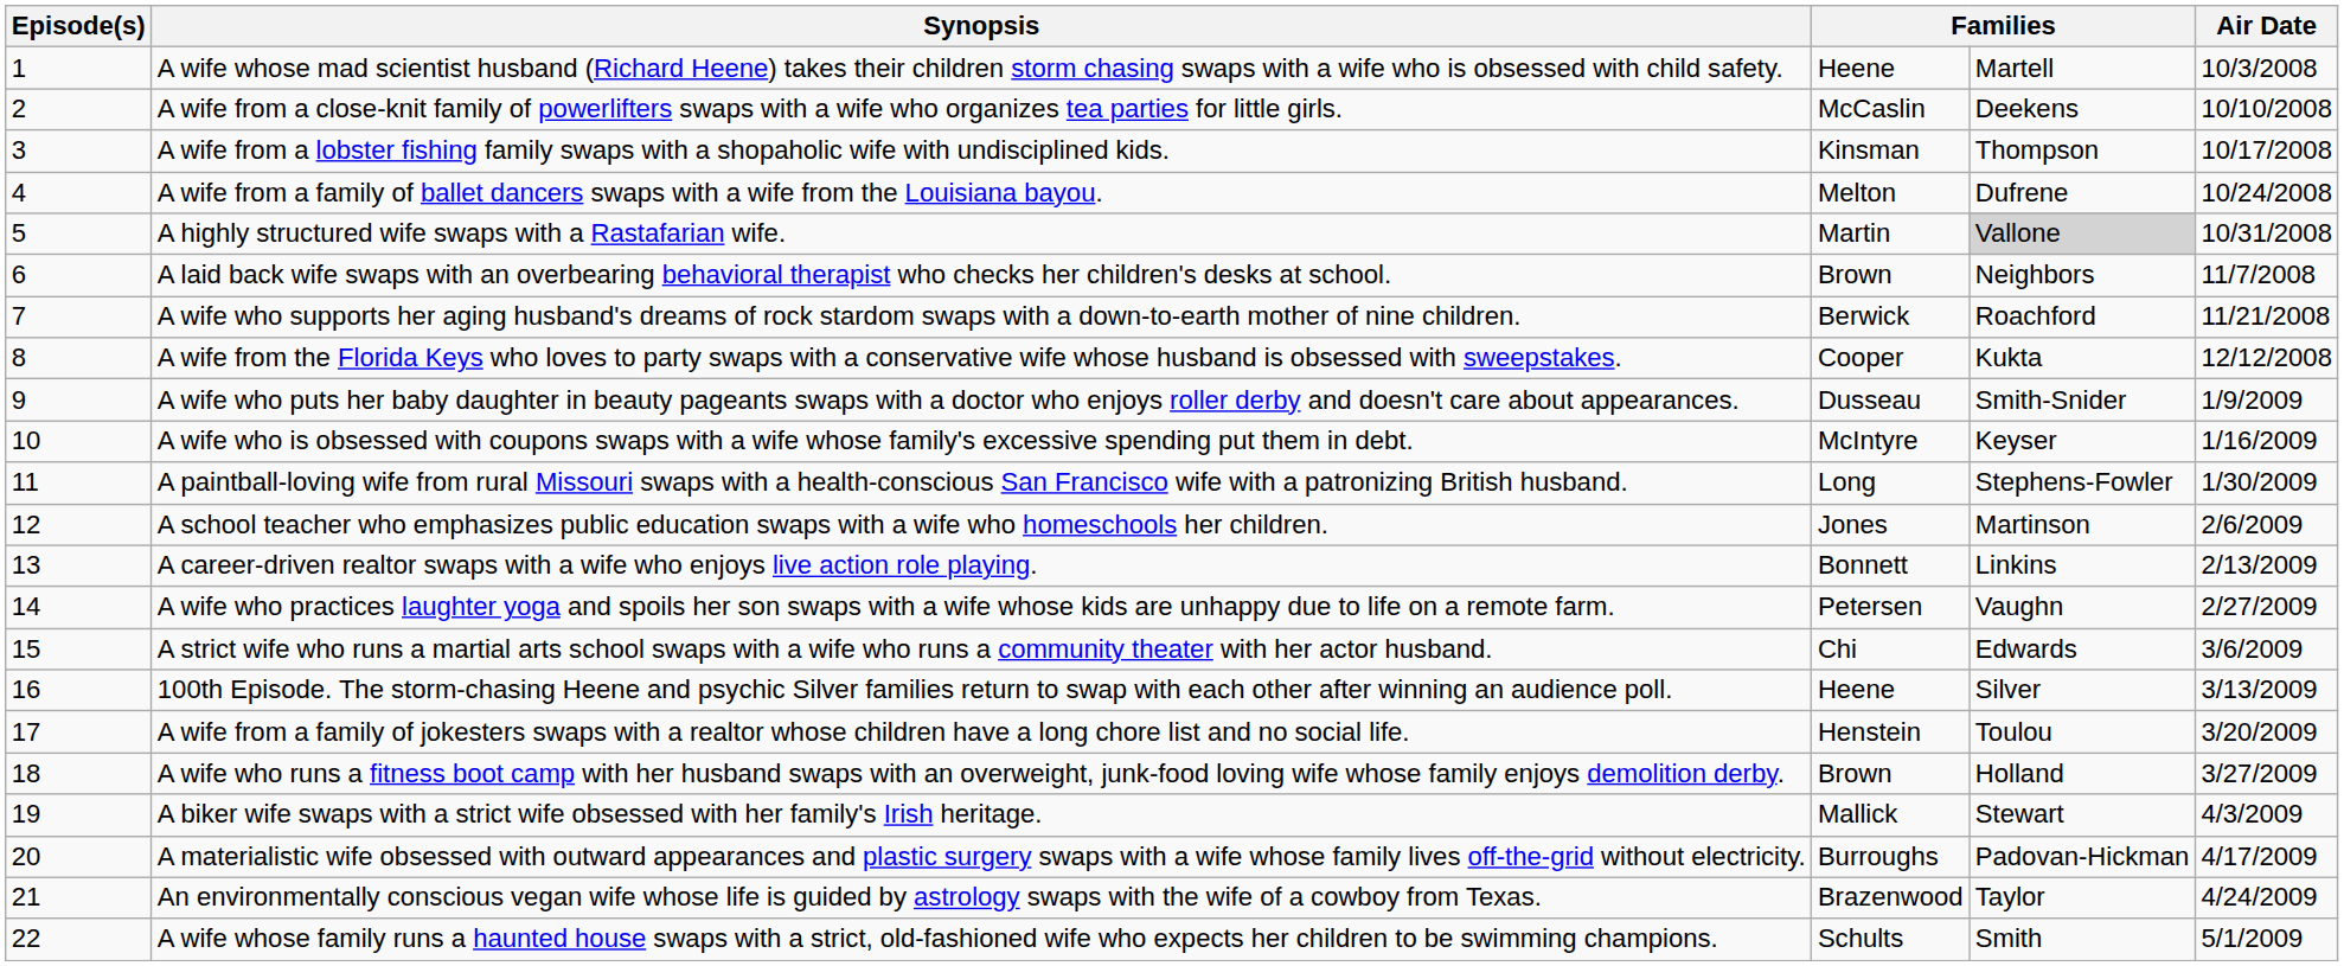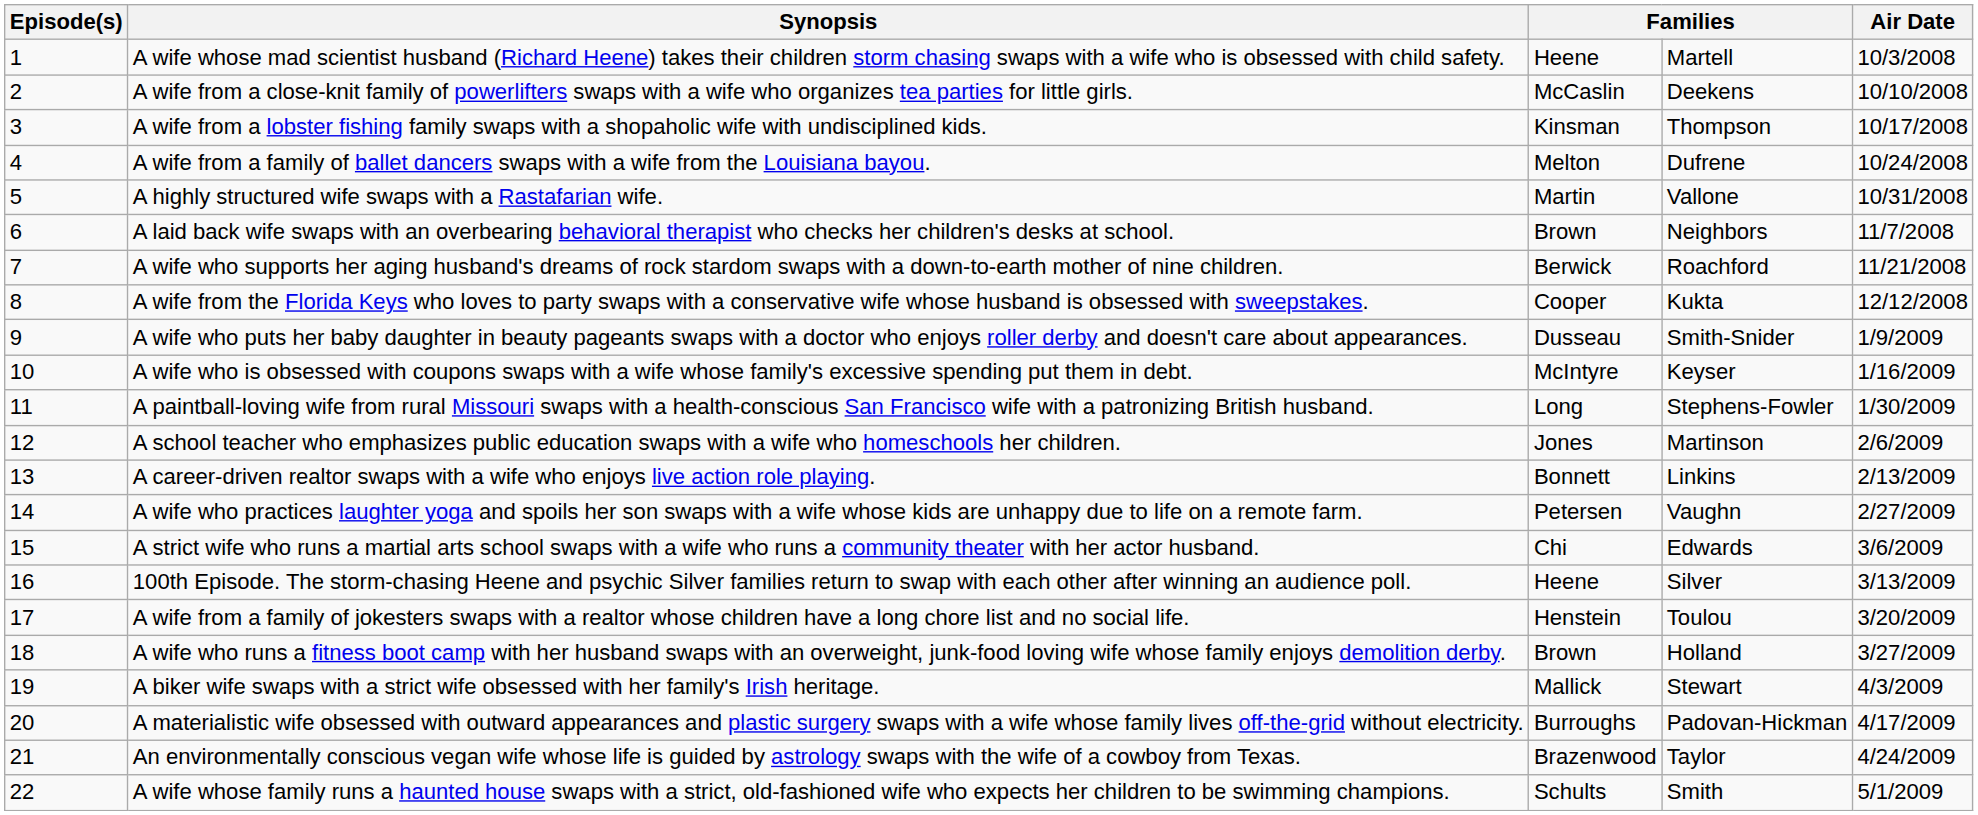 <table class="wikitable">
 <tr>
 <th>Episode(s)</th>
 <th>Synopsis</th>
 <th colspan="2">Families</th>
 <th>Air Date</th>
 </tr>
 <tr>
 <td>1</td>
 <td>A wife whose mad scientist husband (<a href='#'>Richard Heene</a>) takes their children <a href='#'>storm chasing</a> swaps with a wife who is obsessed with child safety.</td>
 <td>Heene</td>
 <td>Martell</td>
 <td>10/3/2008</td>
 </tr>
 <tr>
 <td>2</td>
 <td>A wife from a close-knit family of <a href='#'>powerlifters</a> swaps with a wife who organizes <a href='#'>tea parties</a> for little girls.</td>
 <td>McCaslin</td>
 <td>Deekens</td>
 <td>10/10/2008</td>
 </tr>
 <tr>
 <td>3</td>
 <td>A wife from a <a href='#'>lobster fishing</a> family swaps with a shopaholic wife with undisciplined kids.</td>
 <td>Kinsman</td>
 <td>Thompson</td>
 <td>10/17/2008</td>
 </tr>
 <tr>
 <td>4</td>
 <td>A wife from a family of <a href='#'>ballet dancers</a> swaps with a wife from the <a href='#'>Louisiana bayou</a>.</td>
 <td>Melton</td>
 <td>Dufrene</td>
 <td>10/24/2008</td>
 </tr>
 <tr>
 <td>5</td>
 <td>A highly structured wife swaps with a <a href='#'>Rastafarian</a> wife.</td>
 <td>Martin</td>
-<td style="background: lightgrey;">Vallone</td>
+<td>Vallone</td>
 <td>10/31/2008</td>
 </tr>
 <tr>
 <td>6</td>
 <td>A laid back wife swaps with an overbearing <a href='#'>behavioral therapist</a> who checks her children's desks at school.</td>
 <td>Brown</td>
 <td>Neighbors</td>
 <td>11/7/2008</td>
 </tr>
 <tr>
 <td>7</td>
 <td>A wife who supports her aging husband's dreams of rock stardom swaps with a down-to-earth mother of nine children.</td>
 <td>Berwick</td>
 <td>Roachford</td>
 <td>11/21/2008</td>
 </tr>
 <tr>
 <td>8</td>
 <td>A wife from the <a href='#'>Florida Keys</a> who loves to party swaps with a conservative wife whose husband is obsessed with <a href='#'>sweepstakes</a>.</td>
 <td>Cooper</td>
 <td>Kukta</td>
 <td>12/12/2008</td>
 </tr>
 <tr>
 <td>9</td>
 <td>A wife who puts her baby daughter in beauty pageants swaps with a doctor who enjoys <a href='#'>roller derby</a> and doesn't care about appearances.</td>
 <td>Dusseau</td>
 <td>Smith-Snider</td>
 <td>1/9/2009</td>
 </tr>
 <tr>
 <td>10</td>
 <td>A wife who is obsessed with coupons swaps with a wife whose family's excessive spending put them in debt.</td>
 <td>McIntyre</td>
 <td>Keyser</td>
 <td>1/16/2009</td>
 </tr>
 <tr>
 <td>11</td>
 <td>A paintball-loving wife from rural <a href='#'>Missouri</a> swaps with a health-conscious <a href='#'>San Francisco</a> wife with a patronizing British husband.</td>
 <td>Long</td>
 <td>Stephens-Fowler</td>
 <td>1/30/2009</td>
 </tr>
 <tr>
 <td>12</td>
 <td>A school teacher who emphasizes public education swaps with a wife who <a href='#'>homeschools</a> her children.</td>
 <td>Jones</td>
 <td>Martinson</td>
 <td>2/6/2009</td>
 </tr>
 <tr>
 <td>13</td>
 <td>A career-driven realtor swaps with a wife who enjoys <a href='#'>live action role playing</a>.</td>
 <td>Bonnett</td>
 <td>Linkins</td>
 <td>2/13/2009</td>
 </tr>
 <tr>
 <td>14</td>
 <td>A wife who practices <a href='#'>laughter yoga</a> and spoils her son swaps with a wife whose kids are unhappy due to life on a remote farm.</td>
 <td>Petersen</td>
 <td>Vaughn</td>
 <td>2/27/2009</td>
 </tr>
 <tr>
 <td>15</td>
 <td>A strict wife who runs a martial arts school swaps with a wife who runs a <a href='#'>community theater</a> with her actor husband.</td>
 <td>Chi</td>
 <td>Edwards</td>
 <td>3/6/2009</td>
 </tr>
 <tr>
 <td>16</td>
 <td>100th Episode. The storm-chasing Heene and psychic Silver families return to swap with each other after winning an audience poll.</td>
 <td>Heene</td>
 <td>Silver</td>
 <td>3/13/2009</td>
 </tr>
 <tr>
 <td>17</td>
 <td>A wife from a family of jokesters swaps with a realtor whose children have a long chore list and no social life.</td>
 <td>Henstein</td>
 <td>Toulou</td>
 <td>3/20/2009</td>
 </tr>
 <tr>
 <td>18</td>
 <td>A wife who runs a <a href='#'>fitness boot camp</a> with her husband swaps with an overweight, junk-food loving wife whose family enjoys <a href='#'>demolition derby</a>.</td>
 <td>Brown</td>
 <td>Holland</td>
 <td>3/27/2009</td>
 </tr>
 <tr>
 <td>19</td>
 <td>A biker wife swaps with a strict wife obsessed with her family's <a href='#'>Irish</a> heritage.</td>
 <td>Mallick</td>
 <td>Stewart</td>
 <td>4/3/2009</td>
 </tr>
 <tr>
 <td>20</td>
 <td>A materialistic wife obsessed with outward appearances and <a href='#'>plastic surgery</a> swaps with a wife whose family lives <a href='#'>off-the-grid</a> without electricity.</td>
 <td>Burroughs</td>
 <td>Padovan-Hickman</td>
 <td>4/17/2009</td>
 </tr>
 <tr>
 <td>21</td>
 <td>An environmentally conscious vegan wife whose life is guided by <a href='#'>astrology</a> swaps with the wife of a cowboy from Texas.</td>
 <td>Brazenwood</td>
 <td>Taylor</td>
 <td>4/24/2009</td>
 </tr>
 <tr>
 <td>22</td>
 <td>A wife whose family runs a <a href='#'>haunted house</a> swaps with a strict, old-fashioned wife who expects her children to be swimming champions.</td>
 <td>Schults</td>
 <td>Smith</td>
 <td>5/1/2009</td>
 </tr>
 </table>
